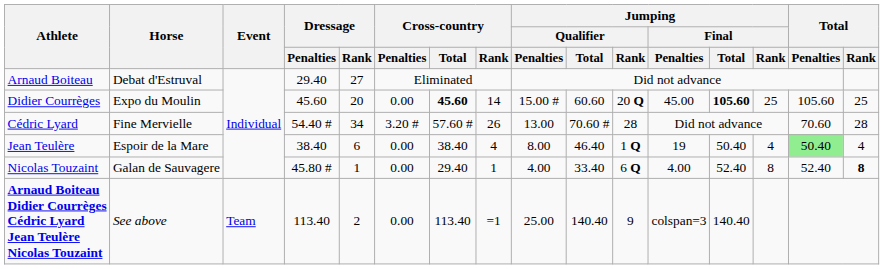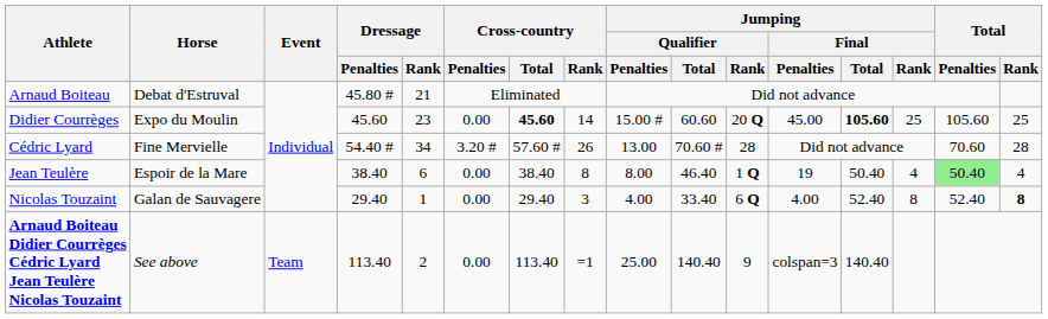 <table class=wikitable style="font-size:90%">
 <tr>
 <th rowspan="3">Athlete</th>
 <th rowspan="3">Horse</th>
 <th rowspan="3">Event</th>
 <th colspan="2" rowspan="2">Dressage</th>
 <th colspan="3" rowspan="2">Cross-country</th>
 <th colspan="6">Jumping</th>
 <th colspan="2" rowspan="2">Total</th>
 </tr>
 <tr style="font-size:95%">
 <th colspan="3">Qualifier</th>
 <th colspan="3">Final</th>
 </tr>
 <tr style="font-size:95%">
 <th>Penalties</th>
 <th>Rank</th>
 <th>Penalties</th>
 <th>Total</th>
 <th>Rank</th>
 <th>Penalties</th>
 <th>Total</th>
 <th>Rank</th>
 <th>Penalties</th>
 <th>Total</th>
 <th>Rank</th>
 <th>Penalties</th>
 <th>Rank</th>
 </tr>
 <tr align=center>
 <td align=left><a href='#'>Arnaud Boiteau</a></td>
 <td align=left>Debat d'Estruval</td>
 <td align=left rowspan=5><a href='#'>Individual</a></td>
-<td>29.40</td>
-<td>27</td>
+<td>45.80 #</td>
+<td>21</td>
 <td colspan=3>Eliminated</td>
 <td colspan=7>Did not advance</td>
 </tr>
 <tr align=center>
 <td align=left><a href='#'>Didier Courrèges</a></td>
 <td align=left>Expo du Moulin</td>
 <td>45.60</td>
-<td>20</td>
+<td>23</td>
 <td>0.00</td>
 <td><strong>45.60</strong></td>
 <td>14</td>
 <td>15.00 #</td>
 <td>60.60</td>
 <td>20 <strong>Q</strong></td>
 <td>45.00</td>
 <td><strong>105.60</strong></td>
 <td>25</td>
 <td>105.60</td>
 <td>25</td>
 </tr>
 <tr align=center>
 <td align=left><a href='#'>Cédric Lyard</a></td>
 <td align=left>Fine Mervielle</td>
 <td>54.40 #</td>
 <td>34</td>
 <td>3.20 #</td>
 <td>57.60 #</td>
 <td>26</td>
 <td>13.00</td>
 <td>70.60 #</td>
 <td>28</td>
 <td colspan=3>Did not advance</td>
 <td>70.60</td>
 <td>28</td>
 </tr>
 <tr align=center>
 <td align=left><a href='#'>Jean Teulère</a></td>
 <td align=left>Espoir de la Mare</td>
 <td>38.40</td>
 <td>6</td>
 <td>0.00</td>
 <td>38.40</td>
-<td>4</td>
+<td>8</td>
 <td>8.00</td>
 <td>46.40</td>
 <td>1 <strong>Q</strong></td>
 <td>19</td>
 <td>50.40</td>
 <td>4</td>
 <td style="background: lightgreen;">50.40</td>
 <td>4</td>
 </tr>
 <tr align=center>
 <td align=left><a href='#'>Nicolas Touzaint</a></td>
 <td align=left>Galan de Sauvagere</td>
-<td>45.80 #</td>
+<td>29.40</td>
 <td>1</td>
 <td>0.00</td>
 <td>29.40</td>
-<td>1</td>
+<td>3</td>
 <td>4.00</td>
 <td>33.40</td>
 <td>6 <strong>Q</strong></td>
 <td>4.00</td>
 <td>52.40</td>
 <td>8</td>
 <td>52.40</td>
 <td><strong>8</strong></td>
 </tr>
 <tr align=center>
 <td align=left><strong><a href='#'>Arnaud Boiteau</a><br><a href='#'>Didier Courrèges</a><br><a href='#'>Cédric Lyard</a><br><a href='#'>Jean Teulère</a><br><a href='#'>Nicolas Touzaint</a></strong></td>
 <td align=left><em>See above</em></td>
 <td align=left><a href='#'>Team</a></td>
 <td>113.40</td>
 <td>2</td>
 <td>0.00</td>
 <td>113.40</td>
 <td>=1</td>
 <td>25.00</td>
 <td>140.40</td>
 <td>9</td>
 <td>colspan=3 </td>
 <td>140.40</td>
 <td></td>
 </tr>
 </table>
